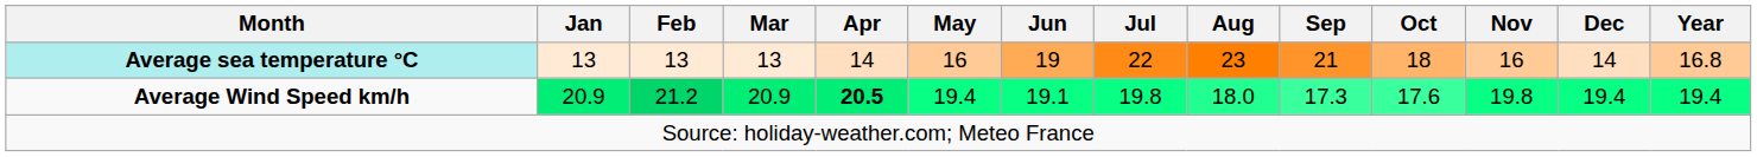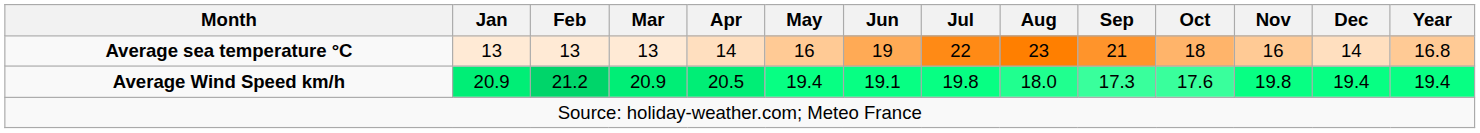 <table style="width:80%;text-align:center;line-height:1.2em;margin-left:auto;margin-right:auto" class="wikitable mw-collapsible">
 <tr>
 <th><strong>Month</strong></th>
 <th>Jan</th>
 <th>Feb</th>
 <th>Mar</th>
 <th>Apr</th>
 <th>May</th>
 <th>Jun</th>
 <th>Jul</th>
 <th>Aug</th>
 <th>Sep</th>
 <th>Oct</th>
 <th>Nov</th>
 <th>Dec</th>
 <th>Year</th>
 </tr>
 <tr>
-<td style="background: paleturquoise;"><strong>Average sea temperature °C</strong></td>
+<td><strong>Average sea temperature °C</strong></td>
 <td style="background:#ffead5;">13</td>
 <td style="background:#ffead5;">13</td>
 <td style="background:#ffead5;">13</td>
 <td style="background:#ffdfbf;">14</td>
 <td style="background:#ffca95;">16</td>
 <td style="background:#ffaa55;">19</td>
 <td style="background:#ff8a15;">22</td>
 <td style="background:#ff7f00;">23</td>
 <td style="background:#ff942b;">21</td>
 <td style="background:#ffb46a;">18</td>
 <td style="background:#ffca95;">16</td>
 <td style="background:#ffdfbf;">14</td>
 <td style="background:#ffca95;">16.8</td>
 </tr>
 <tr>
 <td><strong>Average Wind Speed km/h</strong></td>
 <td style="background:#00ee76;">20.9</td>
 <td style="background:#00d56a;">21.2</td>
 <td style="background:#00ee76;">20.9</td>
-<td style="background:#00ee76;"><strong>20.5</strong></td>
+<td style="background:#00ee76;">20.5</td>
 <td style="background:#07ff83;">19.4</td>
 <td style="background:#07ff83;">19.1</td>
 <td style="background:#07ff83;">19.8</td>
 <td style="background:#20ff8f;">18.0</td>
 <td style="background:#39ff9c;">17.3</td>
 <td style="background:#39ff9c;">17.6</td>
 <td style="background:#07ff83;">19.8</td>
 <td style="background:#07ff83;">19.4</td>
 <td style="background:#07ff83;">19.4</td>
 </tr>
 <tr>
 <td colspan="14">Source: holiday-weather.com; Meteo France</td>
 </tr>
 </table>
